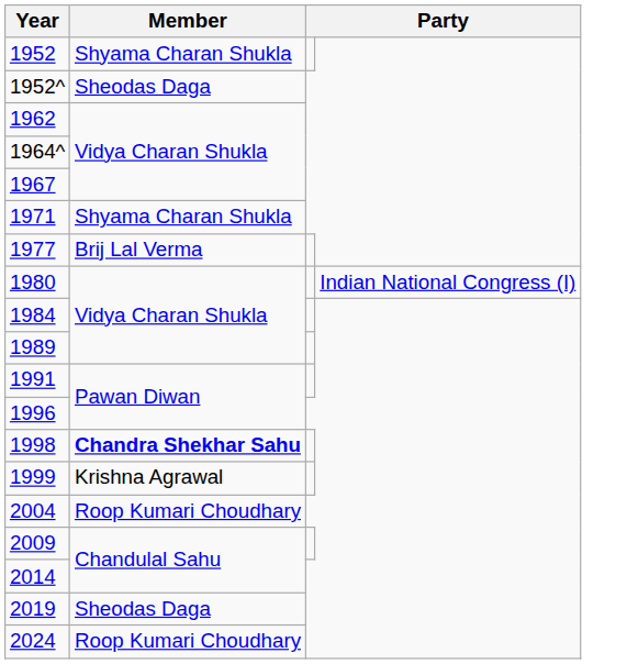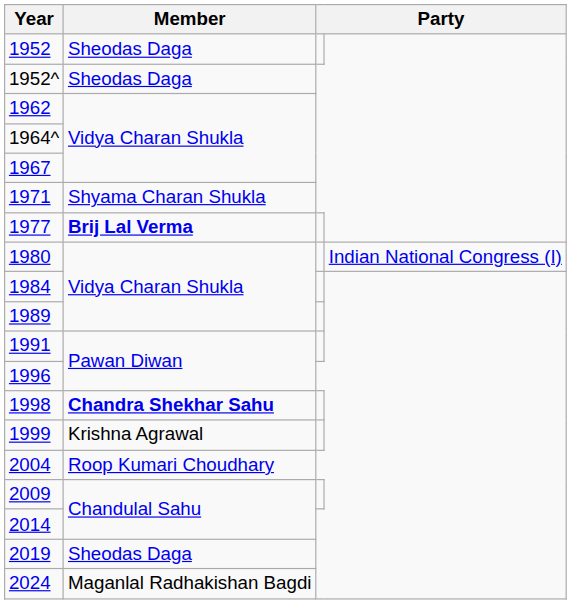 <table class="wikitable">
 <tr>
 <th>Year</th>
 <th>Member</th>
 <th colspan=2>Party</th>
 </tr>
 <tr>
 <td><a href='#'>1952</a></td>
-<td><a href='#'>Shyama Charan Shukla</a></td>
+<td><a href='#'>Sheodas Daga</a></td>
 <td></td>
 </tr>
 <tr>
 <td>1952^</td>
 <td><a href='#'>Sheodas Daga</a></td>
 </tr>
 <tr>
 <td><a href='#'>1962</a></td>
 <td rowspan="3"><a href='#'>Vidya Charan Shukla</a></td>
 </tr>
 <tr>
 <td>1964^</td>
 </tr>
 <tr>
 <td><a href='#'>1967</a></td>
 </tr>
 <tr>
 <td><a href='#'>1971</a></td>
 <td><a href='#'>Shyama Charan Shukla</a></td>
 </tr>
 <tr>
 <td><a href='#'>1977</a></td>
-<td><a href='#'>Brij Lal Verma</a></td>
+<td><strong><a href='#'>Brij Lal Verma</a></strong></td>
 <td></td>
 </tr>
 <tr>
 <td><a href='#'>1980</a></td>
 <td rowspan="3"><a href='#'>Vidya Charan Shukla</a></td>
 <td style="background-color: "></td>
 <td><a href='#'>Indian National Congress (I)</a></td>
 </tr>
 <tr>
 <td><a href='#'>1984</a></td>
 <td></td>
 </tr>
 <tr>
 <td><a href='#'>1989</a></td>
 <td></td>
 </tr>
 <tr>
 <td><a href='#'>1991</a></td>
 <td rowspan="2"><a href='#'>Pawan Diwan</a></td>
 <td></td>
 </tr>
 <tr>
 <td><a href='#'>1996</a></td>
 </tr>
 <tr>
 <td><a href='#'>1998</a></td>
 <td><strong><a href='#'>Chandra Shekhar Sahu</a></strong></td>
 <td></td>
 </tr>
 <tr>
 <td><a href='#'>1999</a></td>
 <td>Krishna Agrawal</td>
 <td></td>
 </tr>
 <tr>
 <td><a href='#'>2004</a></td>
 <td><a href='#'>Roop Kumari Choudhary</a></td>
 </tr>
 <tr>
 <td><a href='#'>2009</a></td>
 <td rowspan="2"><a href='#'>Chandulal Sahu</a></td>
 <td></td>
 </tr>
 <tr>
 <td><a href='#'>2014</a></td>
 </tr>
 <tr>
 <td><a href='#'>2019</a></td>
 <td><a href='#'>Sheodas Daga</a></td>
 </tr>
 <tr>
 <td><a href='#'>2024</a></td>
-<td><a href='#'>Roop Kumari Choudhary</a></td>
+<td>Maganlal Radhakishan Bagdi</td>
 </tr>
 </table>
